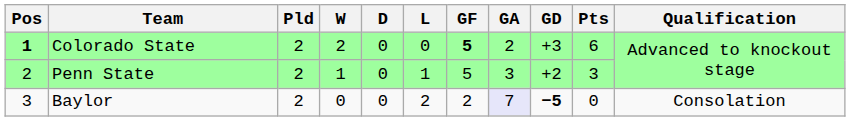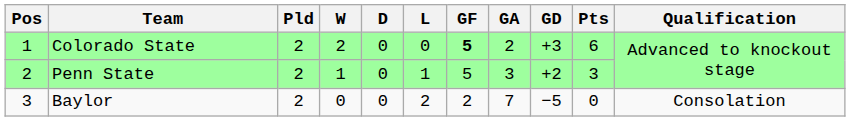 <table class="wikitable" style="text-align:center; margin: 1em auto">
 <tr>
 <th style=width:2em>Pos</th>
 <th style=width:13em>Team</th>
 <th style=width:2em>Pld</th>
 <th style=width:2em>W</th>
 <th style=width:2em>D</th>
 <th style=width:2em>L</th>
 <th style=width:2em>GF</th>
 <th style=width:2em>GA</th>
 <th style=width:2em>GD</th>
 <th style=width:2em>Pts</th>
 <th style=width:13em>Qualification</th>
 </tr>
 <tr bgcolor="#9eff9e">
-<td><strong>1</strong></td>
+<td>1</td>
 <td style="text-align:left">Colorado State</td>
 <td>2</td>
 <td>2</td>
 <td>0</td>
 <td>0</td>
 <td><strong>5</strong></td>
 <td>2</td>
 <td>+3</td>
 <td>6</td>
 <td rowspan="2">Advanced to knockout stage</td>
 </tr>
 <tr bgcolor="#9eff9e">
 <td>2</td>
 <td style="text-align:left">Penn State</td>
 <td>2</td>
 <td>1</td>
 <td>0</td>
 <td>1</td>
 <td>5</td>
 <td>3</td>
 <td>+2</td>
 <td>3</td>
 </tr>
 <tr>
 <td>3</td>
 <td style="text-align:left">Baylor</td>
 <td>2</td>
 <td>0</td>
 <td>0</td>
 <td>2</td>
 <td>2</td>
-<td style="background: lavender;">7</td>
-<td><strong>−5</strong></td>
+<td>7</td>
+<td>−5</td>
 <td>0</td>
 <td>Consolation</td>
 </tr>
 </table>
